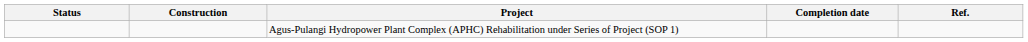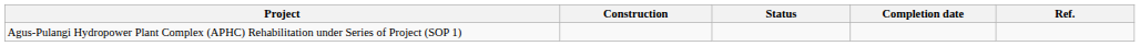 <table class="wikitable">
 <tr>
+<th scope="col" style="width:20%;">Project</th>
+<th scope="col" style="width:5%;">Construction</th>
 <th scope="col" style="width:5%;">Status</th>
-<th scope="col" style="width:5%;">Construction</th>
-<th scope="col" style="width:20%;">Project</th>
 <th scope="col" style="width:5%;">Completion date</th>
 <th scope="col" style="width:5%;">Ref.</th>
 </tr>
 <tr>
+<td>Agus-Pulangi Hydropower Plant Complex (APHC) Rehabilitation under Series of Project (SOP 1)</td>
+<td style="text-align:center;"></td>
 <td></td>
-<td style="text-align:center;"></td>
-<td>Agus-Pulangi Hydropower Plant Complex (APHC) Rehabilitation under Series of Project (SOP 1)</td>
 <td style="text-align:center;"></td>
 <td></td>
 </tr>
 </table>
